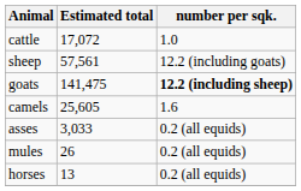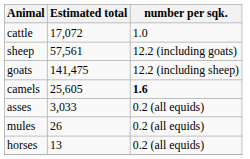 <table align="center" class="wikitable">
 <tr>
 <th>Animal</th>
 <th>Estimated total</th>
 <th>number per sqk.</th>
 </tr>
 <tr>
 <td>cattle</td>
 <td>17,072</td>
 <td>1.0</td>
 </tr>
 <tr>
 <td>sheep</td>
 <td>57,561</td>
 <td>12.2 (including goats)</td>
 </tr>
 <tr>
 <td>goats</td>
 <td>141,475</td>
-<td><strong>12.2 (including sheep)</strong></td>
+<td>12.2 (including sheep)</td>
 </tr>
 <tr>
 <td>camels</td>
 <td>25,605</td>
-<td>1.6</td>
+<td><strong>1.6</strong></td>
 </tr>
 <tr>
 <td>asses</td>
 <td>3,033</td>
 <td>0.2 (all equids)</td>
 </tr>
 <tr>
 <td>mules</td>
 <td>26</td>
 <td>0.2 (all equids)</td>
 </tr>
 <tr>
 <td>horses</td>
 <td>13</td>
 <td>0.2 (all equids)</td>
 </tr>
 <tr>
 </tr>
 </table>
